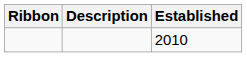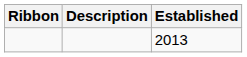 <table class="wikitable">
 <tr>
 <th>Ribbon</th>
 <th>Description</th>
 <th>Established</th>
 </tr>
 <tr>
 <td><big></big></td>
 <td></td>
-<td>2010</td>
+<td>2013</td>
 </tr>
 </table>
